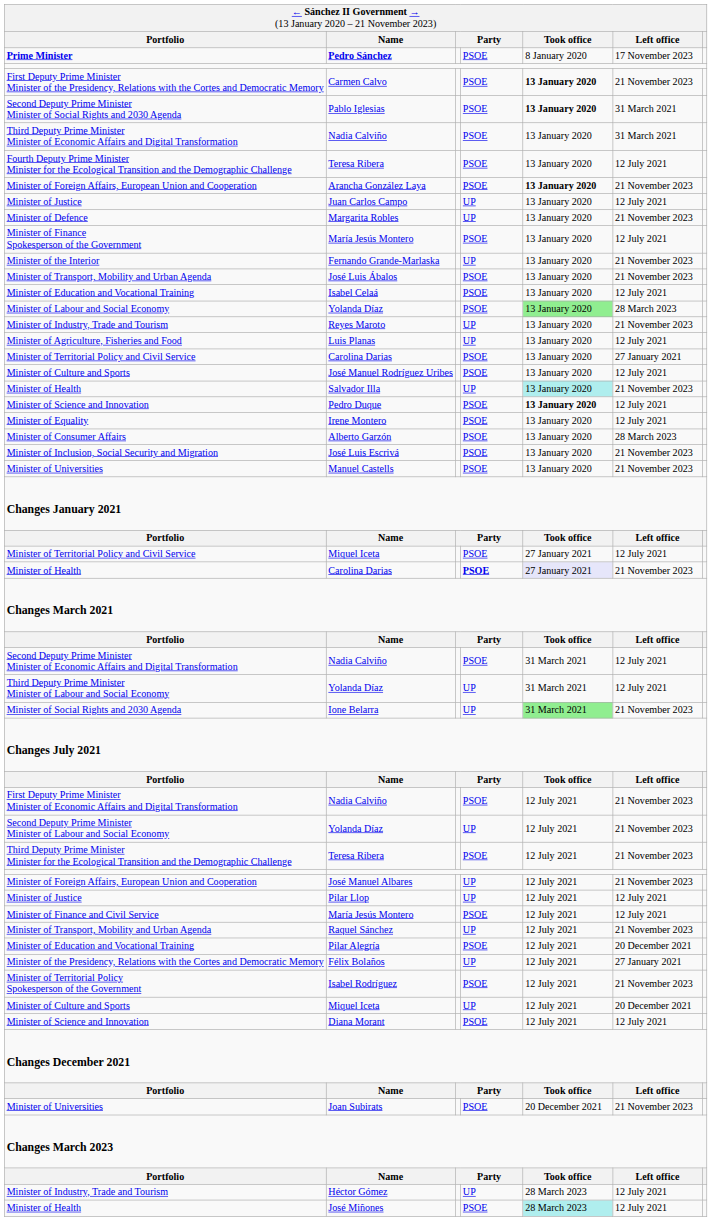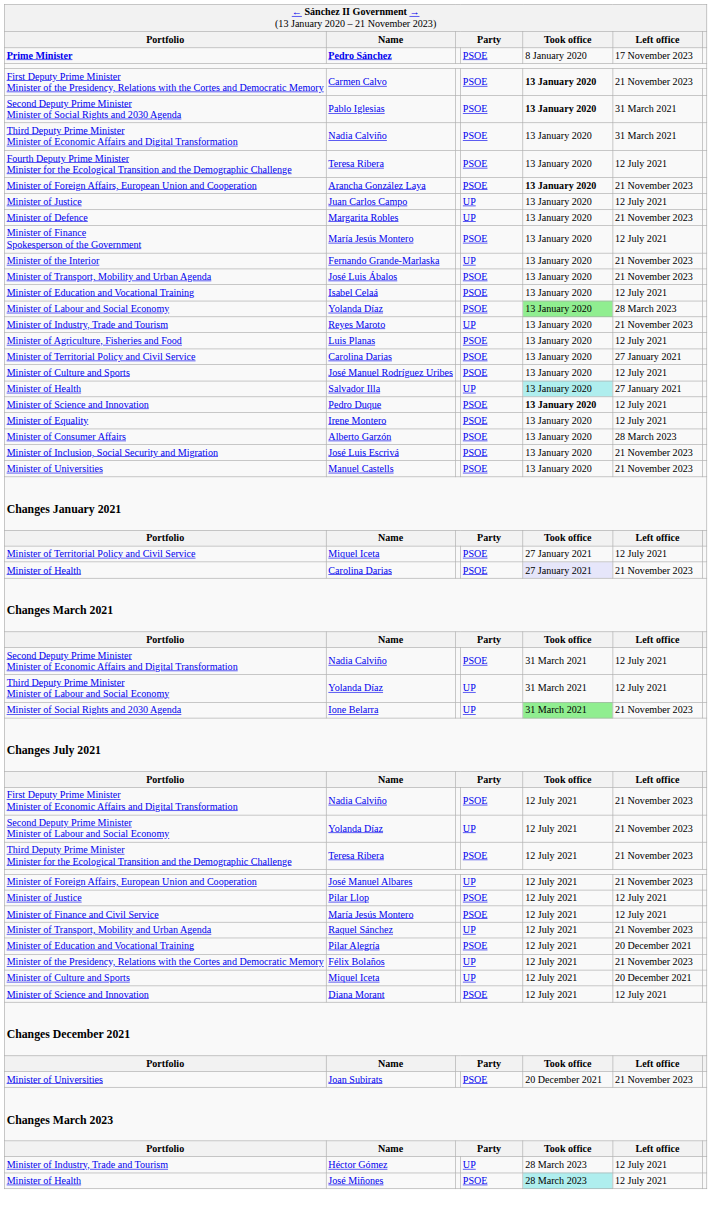 <table class="wikitable">
 <tr>
 <td colspan="7" bgcolor="#F2F2F2" align="center"><a href='#'>←</a> <strong>Sánchez II Government</strong> <a href='#'>→</a><br>(13 January 2020 – 21 November 2023)</td>
 </tr>
 <tr>
 <th>Portfolio</th>
 <th>Name</th>
 <th width="100px" colspan="2">Party</th>
 <th width="135px">Took office</th>
 <th width="135px">Left office</th>
 <th></th>
 </tr>
 <tr>
 <td><strong><a href='#'>Prime Minister</a></strong></td>
 <td><strong><a href='#'>Pedro Sánchez</a></strong></td>
 <td width="1" style="background-color:"></td>
 <td><a href='#'>PSOE</a></td>
 <td>8 January 2020</td>
 <td>17 November 2023</td>
 <td align="center"></td>
 </tr>
 <tr>
 <td colspan="7"></td>
 </tr>
 <tr>
 <td><a href='#'>First Deputy Prime Minister</a><br><a href='#'>Minister of the Presidency, Relations with the Cortes and Democratic Memory</a></td>
 <td><a href='#'>Carmen Calvo</a></td>
 <td style="background-color:"></td>
 <td><a href='#'>PSOE</a></td>
 <td><strong>13 January 2020</strong></td>
 <td>21 November 2023</td>
 <td align="center"><br></td>
 </tr>
 <tr>
 <td><a href='#'>Second Deputy Prime Minister</a><br><a href='#'>Minister of Social Rights and 2030 Agenda</a></td>
 <td><a href='#'>Pablo Iglesias</a></td>
 <td style="background:"></td>
 <td><a href='#'>PSOE</a> </td>
 <td><strong>13 January 2020</strong></td>
 <td>31 March 2021</td>
 <td align="center"><br></td>
 </tr>
 <tr>
 <td><a href='#'>Third Deputy Prime Minister</a><br><a href='#'>Minister of Economic Affairs and Digital Transformation</a></td>
 <td><a href='#'>Nadia Calviño</a></td>
 <td style="background-color:"></td>
 <td><a href='#'>PSOE</a> </td>
 <td>13 January 2020</td>
 <td>31 March 2021</td>
 <td align="center"><br></td>
 </tr>
 <tr>
 <td><a href='#'>Fourth Deputy Prime Minister</a><br><a href='#'>Minister for the Ecological Transition and the Demographic Challenge</a></td>
 <td><a href='#'>Teresa Ribera</a></td>
 <td style="background-color:"></td>
 <td><a href='#'>PSOE</a></td>
 <td>13 January 2020</td>
 <td>12 July 2021</td>
 <td align="center"><br></td>
 </tr>
 <tr>
 <td><a href='#'>Minister of Foreign Affairs, European Union and Cooperation</a></td>
 <td><a href='#'>Arancha González Laya</a></td>
 <td style="background-color:"></td>
 <td><a href='#'>PSOE</a> </td>
 <td><strong>13 January 2020</strong></td>
 <td>21 November 2023</td>
 <td align="center"></td>
 </tr>
 <tr>
 <td><a href='#'>Minister of Justice</a></td>
 <td><a href='#'>Juan Carlos Campo</a></td>
 <td style="background-color:"></td>
 <td><a href='#'>UP</a> </td>
 <td>13 January 2020</td>
 <td>12 July 2021</td>
 <td align="center"></td>
 </tr>
 <tr>
 <td><a href='#'>Minister of Defence</a></td>
 <td><a href='#'>Margarita Robles</a></td>
 <td style="background-color:"></td>
 <td><a href='#'>UP</a> </td>
 <td>13 January 2020</td>
 <td>21 November 2023</td>
 <td align="center"></td>
 </tr>
 <tr>
 <td><a href='#'>Minister of Finance</a><br><a href='#'>Spokesperson of the Government</a></td>
 <td><a href='#'>María Jesús Montero</a></td>
 <td style="background-color:"></td>
 <td><a href='#'>PSOE</a></td>
 <td>13 January 2020</td>
 <td>12 July 2021</td>
 <td align="center"><br></td>
 </tr>
 <tr>
 <td><a href='#'>Minister of the Interior</a></td>
 <td><a href='#'>Fernando Grande-Marlaska</a></td>
 <td style="background-color:"></td>
 <td><a href='#'>UP</a> </td>
 <td>13 January 2020</td>
 <td>21 November 2023</td>
 <td align="center"></td>
 </tr>
 <tr>
 <td><a href='#'>Minister of Transport, Mobility and Urban Agenda</a></td>
 <td><a href='#'>José Luis Ábalos</a></td>
 <td style="background-color:"></td>
 <td><a href='#'>PSOE</a></td>
 <td>13 January 2020</td>
 <td>21 November 2023</td>
 <td align="center"></td>
 </tr>
 <tr>
 <td><a href='#'>Minister of Education and Vocational Training</a></td>
 <td><a href='#'>Isabel Celaá</a></td>
 <td style="background-color:"></td>
 <td><a href='#'>PSOE</a></td>
 <td>13 January 2020</td>
 <td>12 July 2021</td>
 <td align="center"></td>
 </tr>
 <tr>
 <td><a href='#'>Minister of Labour and Social Economy</a></td>
 <td><a href='#'>Yolanda Díaz</a></td>
 <td style="background-color:"></td>
 <td><a href='#'>PSOE</a></td>
 <td style="background: lightgreen;">13 January 2020</td>
 <td>28 March 2023</td>
 <td align="center"></td>
 </tr>
 <tr>
 <td><a href='#'>Minister of Industry, Trade and Tourism</a></td>
 <td><a href='#'>Reyes Maroto</a></td>
 <td style="background-color:"></td>
 <td><a href='#'>UP</a> </td>
 <td>13 January 2020</td>
 <td>21 November 2023</td>
 <td align="center"></td>
 </tr>
 <tr>
 <td><a href='#'>Minister of Agriculture, Fisheries and Food</a></td>
 <td><a href='#'>Luis Planas</a></td>
 <td style="background-color:"></td>
-<td><a href='#'>UP</a> </td>
+<td><a href='#'>PSOE</a></td>
 <td>13 January 2020</td>
 <td>12 July 2021</td>
 <td align="center"></td>
 </tr>
 <tr>
 <td><a href='#'>Minister of Territorial Policy and Civil Service</a></td>
 <td><a href='#'>Carolina Darias</a></td>
 <td style="background-color:"></td>
 <td><a href='#'>PSOE</a></td>
 <td>13 January 2020</td>
 <td>27 January 2021</td>
 <td align="center"></td>
 </tr>
 <tr>
 <td><a href='#'>Minister of Culture and Sports</a></td>
 <td><a href='#'>José Manuel Rodríguez Uribes</a></td>
 <td style="background-color:"></td>
 <td><a href='#'>PSOE</a></td>
 <td>13 January 2020</td>
 <td>12 July 2021</td>
 <td align="center"></td>
 </tr>
 <tr>
 <td><a href='#'>Minister of Health</a></td>
 <td><a href='#'>Salvador Illa</a></td>
 <td style="background-color:"></td>
 <td><a href='#'>UP</a> </td>
 <td style="background: paleturquoise;">13 January 2020</td>
-<td>21 November 2023</td>
+<td>27 January 2021</td>
 <td align="center"></td>
 </tr>
 <tr>
 <td><a href='#'>Minister of Science and Innovation</a></td>
 <td><a href='#'>Pedro Duque</a></td>
 <td style="background-color:"></td>
 <td><a href='#'>PSOE</a> </td>
 <td><strong>13 January 2020</strong></td>
 <td>12 July 2021</td>
 <td align="center"></td>
 </tr>
 <tr>
 <td><a href='#'>Minister of Equality</a></td>
 <td><a href='#'>Irene Montero</a></td>
 <td style="background-color:"></td>
 <td><a href='#'>PSOE</a> </td>
 <td>13 January 2020</td>
 <td>12 July 2021</td>
 <td align="center"></td>
 </tr>
 <tr>
 <td><a href='#'>Minister of Consumer Affairs</a></td>
 <td><a href='#'>Alberto Garzón</a></td>
 <td style="background-color:"></td>
 <td><a href='#'>PSOE</a> </td>
 <td>13 January 2020</td>
 <td>28 March 2023</td>
 <td align="center"></td>
 </tr>
 <tr>
 <td><a href='#'>Minister of Inclusion, Social Security and Migration</a></td>
 <td><a href='#'>José Luis Escrivá</a></td>
 <td style="background-color:"></td>
 <td><a href='#'>PSOE</a> </td>
 <td>13 January 2020</td>
 <td>21 November 2023</td>
 <td align="center"></td>
 </tr>
 <tr>
 <td><a href='#'>Minister of Universities</a></td>
 <td><a href='#'>Manuel Castells</a></td>
 <td style="background-color:"></td>
 <td><a href='#'>PSOE</a></td>
 <td>13 January 2020</td>
 <td>21 November 2023</td>
 <td align="center"></td>
 </tr>
 <tr>
 <td colspan="7"><br><h3>Changes January 2021</h3></td>
 </tr>
 <tr>
 <th>Portfolio</th>
 <th>Name</th>
 <th colspan="2">Party</th>
 <th>Took office</th>
 <th>Left office</th>
 <th></th>
 </tr>
 <tr>
 <td><a href='#'>Minister of Territorial Policy and Civil Service</a></td>
 <td><a href='#'>Miquel Iceta</a></td>
 <td style="background-color:"></td>
 <td><a href='#'>PSOE</a> </td>
 <td>27 January 2021</td>
 <td>12 July 2021</td>
 <td align="center"></td>
 </tr>
 <tr>
 <td><a href='#'>Minister of Health</a></td>
 <td><a href='#'>Carolina Darias</a></td>
 <td style="background-color:"></td>
-<td><strong><a href='#'>PSOE</a></strong></td>
+<td><a href='#'>PSOE</a></td>
 <td style="background: lavender;">27 January 2021</td>
 <td>21 November 2023</td>
 <td align="center"></td>
 </tr>
 <tr>
 <td colspan="7"><br><h3>Changes March 2021</h3></td>
 </tr>
 <tr>
 <th>Portfolio</th>
 <th>Name</th>
 <th colspan="2">Party</th>
 <th>Took office</th>
 <th>Left office</th>
 <th></th>
 </tr>
 <tr>
 <td><a href='#'>Second Deputy Prime Minister</a><br><a href='#'>Minister of Economic Affairs and Digital Transformation</a></td>
 <td><a href='#'>Nadia Calviño</a></td>
 <td style="background-color:"></td>
 <td><a href='#'>PSOE</a> </td>
 <td>31 March 2021</td>
 <td>12 July 2021</td>
 <td align="center"></td>
 </tr>
 <tr>
 <td><a href='#'>Third Deputy Prime Minister</a><br><a href='#'>Minister of Labour and Social Economy</a></td>
 <td><a href='#'>Yolanda Díaz</a></td>
 <td style="background-color:"></td>
 <td><a href='#'>UP</a> </td>
 <td>31 March 2021</td>
 <td>12 July 2021</td>
 <td align="center"></td>
 </tr>
 <tr>
 <td><a href='#'>Minister of Social Rights and 2030 Agenda</a></td>
 <td><a href='#'>Ione Belarra</a></td>
 <td style="background-color:"></td>
 <td><a href='#'>UP</a> </td>
 <td style="background: lightgreen;">31 March 2021</td>
 <td>21 November 2023</td>
 <td align="center"></td>
 </tr>
 <tr>
 <td colspan="7"><br><h3>Changes July 2021</h3></td>
 </tr>
 <tr>
 <th>Portfolio</th>
 <th>Name</th>
 <th colspan="2">Party</th>
 <th>Took office</th>
 <th>Left office</th>
 <th></th>
 </tr>
 <tr>
 <td><a href='#'>First Deputy Prime Minister</a><br><a href='#'>Minister of Economic Affairs and Digital Transformation</a></td>
 <td><a href='#'>Nadia Calviño</a></td>
 <td style="background-color:"></td>
 <td><a href='#'>PSOE</a> </td>
 <td>12 July 2021</td>
 <td>21 November 2023</td>
 <td align="center"></td>
 </tr>
 <tr>
 <td><a href='#'>Second Deputy Prime Minister</a><br><a href='#'>Minister of Labour and Social Economy</a></td>
 <td><a href='#'>Yolanda Díaz</a></td>
 <td style="background-color:"></td>
 <td><a href='#'>UP</a> </td>
 <td>12 July 2021</td>
 <td>21 November 2023</td>
 <td align="center"></td>
 </tr>
 <tr>
 <td><a href='#'>Third Deputy Prime Minister</a><br><a href='#'>Minister for the Ecological Transition and the Demographic Challenge</a></td>
 <td><a href='#'>Teresa Ribera</a></td>
 <td style="background-color:"></td>
 <td><a href='#'>PSOE</a></td>
 <td>12 July 2021</td>
 <td>21 November 2023</td>
 <td align="center"></td>
 </tr>
 <tr>
 <td></td>
 <td colspan="6"></td>
 </tr>
 <tr>
 <td><a href='#'>Minister of Foreign Affairs, European Union and Cooperation</a></td>
 <td><a href='#'>José Manuel Albares</a></td>
 <td style="background-color:"></td>
 <td><a href='#'>UP</a> </td>
 <td>12 July 2021</td>
 <td>21 November 2023</td>
 <td align="center"></td>
 </tr>
 <tr>
 <td><a href='#'>Minister of Justice</a></td>
 <td><a href='#'>Pilar Llop</a></td>
 <td style="background-color:"></td>
-<td><a href='#'>UP</a> </td>
+<td><a href='#'>PSOE</a></td>
 <td>12 July 2021</td>
 <td>12 July 2021</td>
 <td align="center"></td>
 </tr>
 <tr>
 <td><a href='#'>Minister of Finance and Civil Service</a></td>
 <td><a href='#'>María Jesús Montero</a></td>
 <td style="background-color:"></td>
 <td><a href='#'>PSOE</a></td>
 <td>12 July 2021</td>
 <td>12 July 2021</td>
 <td align="center"></td>
 </tr>
 <tr>
 <td><a href='#'>Minister of Transport, Mobility and Urban Agenda</a></td>
 <td><a href='#'>Raquel Sánchez</a></td>
 <td style="background-color:"></td>
 <td><a href='#'>UP</a> </td>
 <td>12 July 2021</td>
 <td>21 November 2023</td>
 <td align="center"></td>
 </tr>
 <tr>
 <td><a href='#'>Minister of Education and Vocational Training</a></td>
 <td><a href='#'>Pilar Alegría</a></td>
 <td style="background-color:"></td>
 <td><a href='#'>PSOE</a></td>
 <td>12 July 2021</td>
 <td>20 December 2021</td>
 <td align="center"></td>
 </tr>
 <tr>
 <td><a href='#'>Minister of the Presidency, Relations with the Cortes and Democratic Memory</a></td>
 <td><a href='#'>Félix Bolaños</a></td>
 <td style="background-color:"></td>
 <td><a href='#'>UP</a> </td>
 <td>12 July 2021</td>
-<td>27 January 2021</td>
+<td>21 November 2023</td>
 <td align="center"></td>
-</tr>
-<tr>
-<td><a href='#'>Minister of Territorial Policy</a><br><a href='#'>Spokesperson of the Government</a></td>
-<td><a href='#'>Isabel Rodríguez</a></td>
-<td style="background-color:"></td>
-<td><a href='#'>PSOE</a></td>
-<td>12 July 2021</td>
-<td>21 November 2023</td>
-<td align="center"><br></td>
 </tr>
 <tr>
 <td><a href='#'>Minister of Culture and Sports</a></td>
 <td><a href='#'>Miquel Iceta</a></td>
 <td style="background-color:"></td>
 <td><a href='#'>UP</a> </td>
 <td>12 July 2021</td>
 <td>20 December 2021</td>
 <td align="center"></td>
 </tr>
 <tr>
 <td><a href='#'>Minister of Science and Innovation</a></td>
 <td><a href='#'>Diana Morant</a></td>
 <td style="background-color:"></td>
 <td><a href='#'>PSOE</a></td>
 <td>12 July 2021</td>
 <td>12 July 2021</td>
 <td align="center"></td>
 </tr>
 <tr>
 <td colspan="7"><br><h3>Changes December 2021</h3></td>
 </tr>
 <tr>
 <th>Portfolio</th>
 <th>Name</th>
 <th colspan="2">Party</th>
 <th>Took office</th>
 <th>Left office</th>
 <th></th>
 </tr>
 <tr>
 <td><a href='#'>Minister of Universities</a></td>
 <td><a href='#'>Joan Subirats</a></td>
 <td style="background-color:"></td>
 <td><a href='#'>PSOE</a></td>
 <td>20 December 2021</td>
 <td>21 November 2023</td>
 <td align="center"></td>
 </tr>
 <tr>
 <td colspan="7"><br><h3>Changes March 2023</h3></td>
 </tr>
 <tr>
 <th>Portfolio</th>
 <th>Name</th>
 <th colspan="2">Party</th>
 <th>Took office</th>
 <th>Left office</th>
 <th></th>
 </tr>
 <tr>
 <td><a href='#'>Minister of Industry, Trade and Tourism</a></td>
 <td><a href='#'>Héctor Gómez</a></td>
 <td style="background-color:"></td>
 <td><a href='#'>UP</a> </td>
 <td>28 March 2023</td>
 <td>12 July 2021</td>
 <td align="center"></td>
 </tr>
 <tr>
 <td><a href='#'>Minister of Health</a></td>
 <td><a href='#'>José Miñones</a></td>
 <td style="background-color:"></td>
 <td><a href='#'>PSOE</a></td>
 <td style="background: paleturquoise;">28 March 2023</td>
 <td>12 July 2021</td>
 <td align="center"></td>
 </tr>
 </table>
